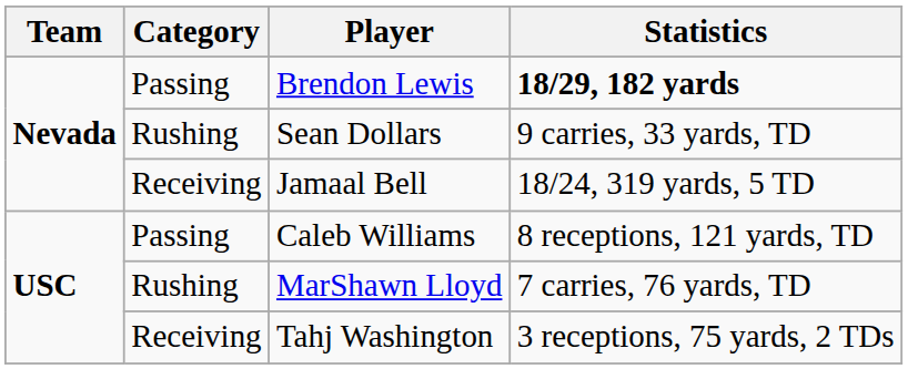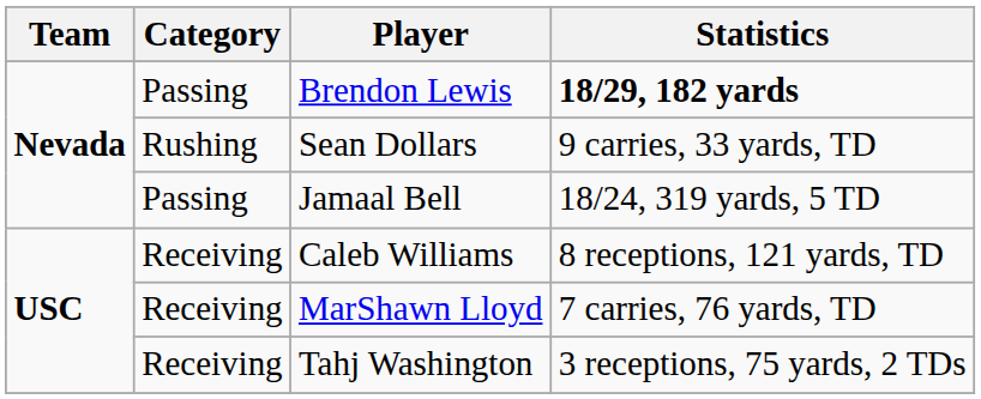 <table class="wikitable" style="float: right;">
 <tr>
 <th>Team</th>
 <th>Category</th>
 <th>Player</th>
 <th>Statistics</th>
 </tr>
 <tr>
 <td rowspan=3><strong>Nevada</strong></td>
 <td>Passing</td>
 <td><a href='#'>Brendon Lewis</a></td>
 <td><strong>18/29, 182 yards</strong></td>
 </tr>
 <tr>
 <td>Rushing</td>
 <td>Sean Dollars</td>
 <td>9 carries, 33 yards, TD</td>
 </tr>
 <tr>
-<td>Receiving</td>
+<td>Passing</td>
 <td>Jamaal Bell</td>
 <td>18/24, 319 yards, 5 TD</td>
 </tr>
 <tr>
 <td rowspan=3><strong>USC</strong></td>
-<td>Passing</td>
+<td>Receiving</td>
 <td>Caleb Williams</td>
 <td>8 receptions, 121 yards, TD</td>
 </tr>
 <tr>
-<td>Rushing</td>
+<td>Receiving</td>
 <td><a href='#'>MarShawn Lloyd</a></td>
 <td>7 carries, 76 yards, TD</td>
 </tr>
 <tr>
 <td>Receiving</td>
 <td>Tahj Washington</td>
 <td>3 receptions, 75 yards, 2 TDs</td>
 </tr>
 </table>
